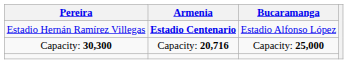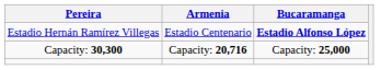 <table class="wikitable" style="text-align:center">
 <tr>
 <th><a href='#'>Pereira</a></th>
 <th><a href='#'>Armenia</a></th>
 <th><a href='#'>Bucaramanga</a></th>
 <th rowspan="4"></th>
 </tr>
 <tr>
 <td><a href='#'>Estadio Hernán Ramírez Villegas</a></td>
-<td><strong><a href='#'>Estadio Centenario</a></strong></td>
-<td><a href='#'>Estadio Alfonso López</a></td>
+<td><a href='#'>Estadio Centenario</a></td>
+<td><strong><a href='#'>Estadio Alfonso López</a></strong></td>
 </tr>
 <tr>
 <td>Capacity: <strong>30,300</strong></td>
 <td>Capacity: <strong>20,716</strong></td>
 <td>Capacity: <strong>25,000</strong></td>
 </tr>
 <tr>
 <td></td>
 <td></td>
 <td></td>
 </tr>
 </table>
